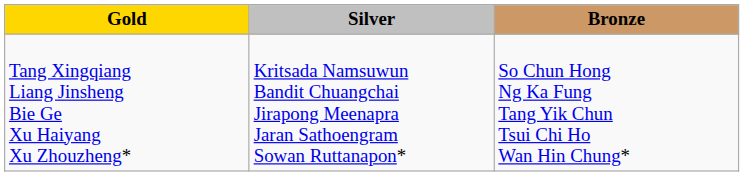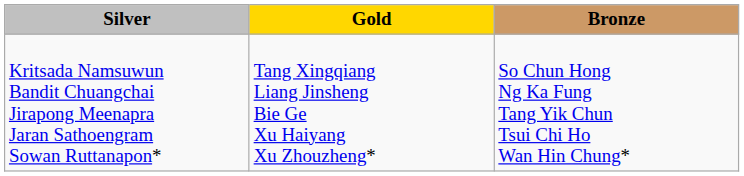 <table class="wikitable" style="text-align:left">
 <tr align="center">
+<td width=200 bgcolor=silver><strong>Silver</strong></td>
 <td width=200 bgcolor=gold><strong>Gold</strong></td>
-<td width=200 bgcolor=silver><strong>Silver</strong></td>
 <td width=200 bgcolor=CC9966><strong>Bronze</strong></td>
 </tr>
 <tr>
+<td valign=top><em></em><br><a href='#'>Kritsada Namsuwun</a><br><a href='#'>Bandit Chuangchai</a><br><a href='#'>Jirapong Meenapra</a><br><a href='#'>Jaran Sathoengram</a><br><a href='#'>Sowan Ruttanapon</a>*</td>
 <td valign=top><em></em><br><a href='#'>Tang Xingqiang</a><br><a href='#'>Liang Jinsheng</a><br><a href='#'>Bie Ge</a><br><a href='#'>Xu Haiyang</a><br><a href='#'>Xu Zhouzheng</a>*</td>
-<td valign=top><em></em><br><a href='#'>Kritsada Namsuwun</a><br><a href='#'>Bandit Chuangchai</a><br><a href='#'>Jirapong Meenapra</a><br><a href='#'>Jaran Sathoengram</a><br><a href='#'>Sowan Ruttanapon</a>*</td>
 <td valign=top><em></em><br><a href='#'>So Chun Hong</a><br><a href='#'>Ng Ka Fung</a><br><a href='#'>Tang Yik Chun</a><br><a href='#'>Tsui Chi Ho</a><br><a href='#'>Wan Hin Chung</a>*</td>
 </tr>
 </table>
